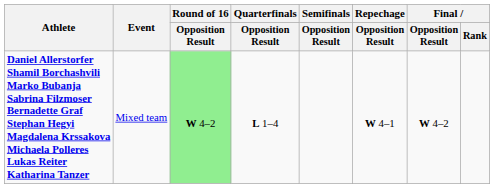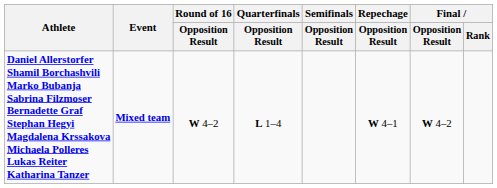 <table class="wikitable" style="text-align:center; font-size:90%">
 <tr>
 <th rowspan=2>Athlete</th>
 <th rowspan=2>Event</th>
 <th>Round of 16</th>
 <th>Quarterfinals</th>
 <th>Semifinals</th>
 <th>Repechage</th>
 <th colspan=2>Final / </th>
 </tr>
 <tr style="font-size:95%">
 <th>Opposition<br>Result</th>
 <th>Opposition<br>Result</th>
 <th>Opposition<br>Result</th>
 <th>Opposition<br>Result</th>
 <th>Opposition<br>Result</th>
 <th>Rank</th>
 </tr>
 <tr>
 <td align=left><strong><a href='#'>Daniel Allerstorfer</a><br><a href='#'>Shamil Borchashvili</a><br><a href='#'>Marko Bubanja</a><br><a href='#'>Sabrina Filzmoser</a><br><a href='#'>Bernadette Graf</a><br><a href='#'>Stephan Hegyi</a><br><a href='#'>Magdalena Krssakova</a><br><a href='#'>Michaela Polleres</a><br><a href='#'>Lukas Reiter</a><br><a href='#'>Katharina Tanzer</a></strong></td>
-<td align=left><a href='#'>Mixed team</a></td>
-<td style="background: lightgreen;"><br><strong>W</strong> 4–2</td>
+<td align=left><strong><a href='#'>Mixed team</a></strong></td>
+<td><br><strong>W</strong> 4–2</td>
 <td><br><strong>L</strong> 1–4</td>
 <td></td>
 <td><br><strong>W</strong> 4–1</td>
 <td><br><strong>W</strong> 4–2</td>
 <td></td>
 </tr>
 </table>
